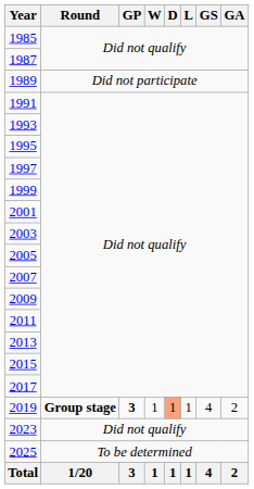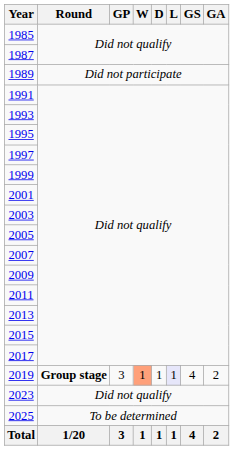 <table class="wikitable" style="text-align: center;">
 <tr>
 <th>Year</th>
 <th>Round</th>
 <th>GP</th>
 <th>W</th>
 <th>D</th>
 <th>L</th>
 <th>GS</th>
 <th>GA</th>
 </tr>
 <tr>
 <td><a href='#'>1985</a></td>
 <td rowspan=2 colspan=7><em>Did not qualify</em></td>
 </tr>
 <tr>
 <td><a href='#'>1987</a></td>
 </tr>
 <tr>
 <td><a href='#'>1989</a></td>
 <td colspan=7><em>Did not participate</em></td>
 </tr>
 <tr>
 <td><a href='#'>1991</a></td>
 <td rowspan=14 colspan=7><em>Did not qualify</em></td>
 </tr>
 <tr>
 <td><a href='#'>1993</a></td>
 </tr>
 <tr>
 <td> <a href='#'>1995</a></td>
 </tr>
 <tr>
 <td> <a href='#'>1997</a></td>
 </tr>
 <tr>
 <td> <a href='#'>1999</a></td>
 </tr>
 <tr>
 <td> <a href='#'>2001</a></td>
 </tr>
 <tr>
 <td> <a href='#'>2003</a></td>
 </tr>
 <tr>
 <td> <a href='#'>2005</a></td>
 </tr>
 <tr>
 <td> <a href='#'>2007</a></td>
 </tr>
 <tr>
 <td> <a href='#'>2009</a></td>
 </tr>
 <tr>
 <td> <a href='#'>2011</a></td>
 </tr>
 <tr>
 <td> <a href='#'>2013</a></td>
 </tr>
 <tr>
 <td> <a href='#'>2015</a></td>
 </tr>
 <tr>
 <td> <a href='#'>2017</a></td>
 </tr>
 <tr>
 <td> <a href='#'>2019</a></td>
 <td><strong>Group stage</strong></td>
-<td><strong>3</strong></td>
-<td>1</td>
+<td>3</td>
 <td style="background: lightsalmon;">1</td>
 <td>1</td>
+<td style="background: lavender;">1</td>
 <td>4</td>
 <td>2</td>
 </tr>
 <tr>
 <td> <a href='#'>2023</a></td>
 <td colspan=7><em>Did not qualify</em></td>
 </tr>
 <tr>
 <td> <a href='#'>2025</a></td>
 <td colspan=7><em>To be determined</em></td>
 </tr>
 <tr>
 <th>Total</th>
 <th>1/20</th>
 <th>3</th>
 <th>1</th>
 <th>1</th>
 <th>1</th>
 <th>4</th>
 <th>2</th>
 </tr>
 </table>
